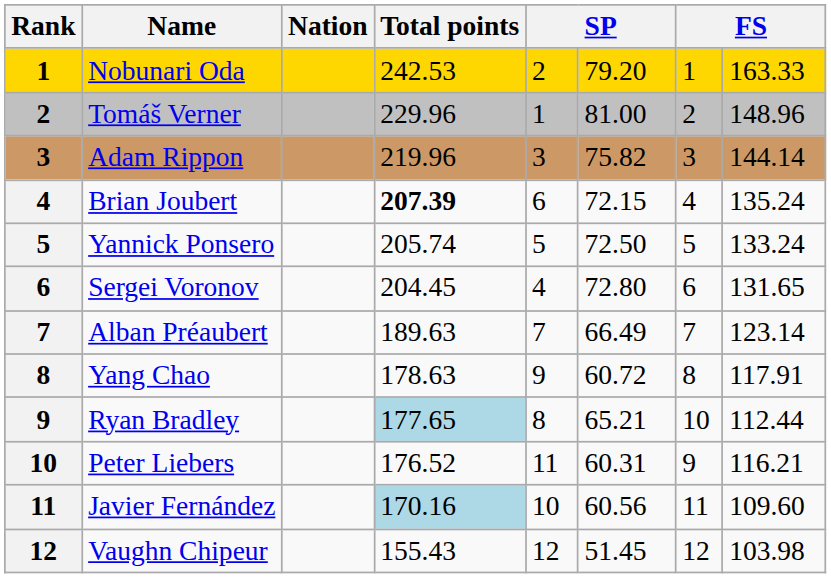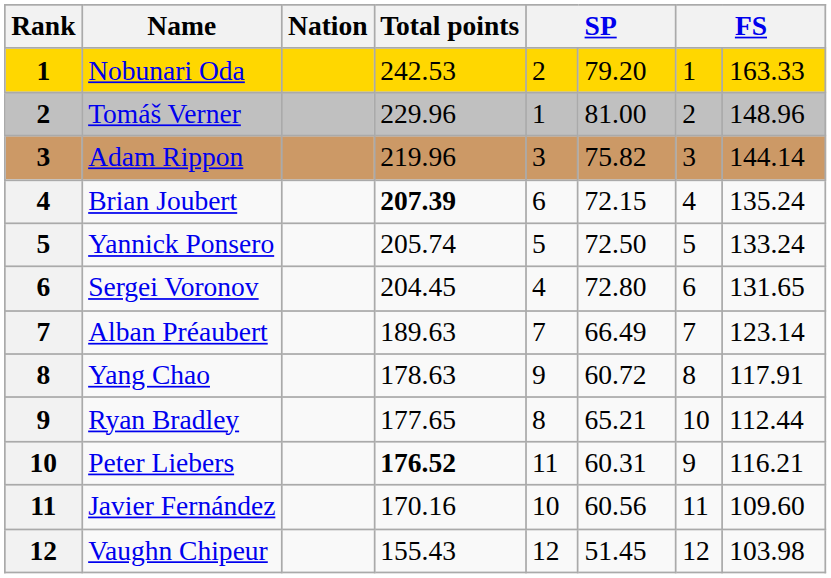 <table class="wikitable sortable">
 <tr>
 <th>Rank</th>
 <th>Name</th>
 <th>Nation</th>
 <th>Total points</th>
 <th colspan="2" width="80px"><a href='#'>SP</a></th>
 <th colspan="2" width="80px"><a href='#'>FS</a></th>
 </tr>
 <tr bgcolor="gold">
 <td align="center"><strong>1</strong></td>
 <td><a href='#'>Nobunari Oda</a></td>
 <td></td>
 <td>242.53</td>
 <td>2</td>
 <td>79.20</td>
 <td>1</td>
 <td>163.33</td>
 </tr>
 <tr bgcolor="silver">
 <td align="center"><strong>2</strong></td>
 <td><a href='#'>Tomáš Verner</a></td>
 <td></td>
 <td>229.96</td>
 <td>1</td>
 <td>81.00</td>
 <td>2</td>
 <td>148.96</td>
 </tr>
 <tr bgcolor="cc9966">
 <td align="center"><strong>3</strong></td>
 <td><a href='#'>Adam Rippon</a></td>
 <td></td>
 <td>219.96</td>
 <td>3</td>
 <td>75.82</td>
 <td>3</td>
 <td>144.14</td>
 </tr>
 <tr>
 <th>4</th>
 <td><a href='#'>Brian Joubert</a></td>
 <td></td>
 <td><strong>207.39</strong></td>
 <td>6</td>
 <td>72.15</td>
 <td>4</td>
 <td>135.24</td>
 </tr>
 <tr>
 <th>5</th>
 <td><a href='#'>Yannick Ponsero</a></td>
 <td></td>
 <td>205.74</td>
 <td>5</td>
 <td>72.50</td>
 <td>5</td>
 <td>133.24</td>
 </tr>
 <tr>
 <th>6</th>
 <td><a href='#'>Sergei Voronov</a></td>
 <td></td>
 <td>204.45</td>
 <td>4</td>
 <td>72.80</td>
 <td>6</td>
 <td>131.65</td>
 </tr>
 <tr>
 <th>7</th>
 <td><a href='#'>Alban Préaubert</a></td>
 <td></td>
 <td>189.63</td>
 <td>7</td>
 <td>66.49</td>
 <td>7</td>
 <td>123.14</td>
 </tr>
 <tr>
 <th>8</th>
 <td><a href='#'>Yang Chao</a></td>
 <td></td>
 <td>178.63</td>
 <td>9</td>
 <td>60.72</td>
 <td>8</td>
 <td>117.91</td>
 </tr>
 <tr>
 <th>9</th>
 <td><a href='#'>Ryan Bradley</a></td>
 <td></td>
-<td style="background: lightblue;">177.65</td>
+<td>177.65</td>
 <td>8</td>
 <td>65.21</td>
 <td>10</td>
 <td>112.44</td>
 </tr>
 <tr>
 <th>10</th>
 <td><a href='#'>Peter Liebers</a></td>
 <td></td>
-<td>176.52</td>
+<td><strong>176.52</strong></td>
 <td>11</td>
 <td>60.31</td>
 <td>9</td>
 <td>116.21</td>
 </tr>
 <tr>
 <th>11</th>
 <td><a href='#'>Javier Fernández</a></td>
 <td></td>
-<td style="background: lightblue;">170.16</td>
+<td>170.16</td>
 <td>10</td>
 <td>60.56</td>
 <td>11</td>
 <td>109.60</td>
 </tr>
 <tr>
 <th>12</th>
 <td><a href='#'>Vaughn Chipeur</a></td>
 <td></td>
 <td>155.43</td>
 <td>12</td>
 <td>51.45</td>
 <td>12</td>
 <td>103.98</td>
 </tr>
 </table>
